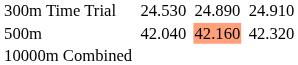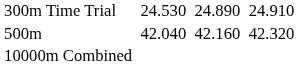 <table>
 <tr>
 <td>300m Time Trial</td>
 <td></td>
 <td>24.530</td>
 <td></td>
 <td>24.890</td>
 <td></td>
 <td>24.910</td>
 </tr>
 <tr>
 <td>500m</td>
 <td></td>
 <td>42.040</td>
 <td></td>
-<td style="background: lightsalmon;">42.160</td>
+<td>42.160</td>
 <td></td>
 <td>42.320</td>
 </tr>
 <tr>
 <td>10000m Combined</td>
 <td></td>
 <td></td>
 <td></td>
 <td></td>
 <td></td>
 <td></td>
 </tr>
 <tr>
 </tr>
 </table>
